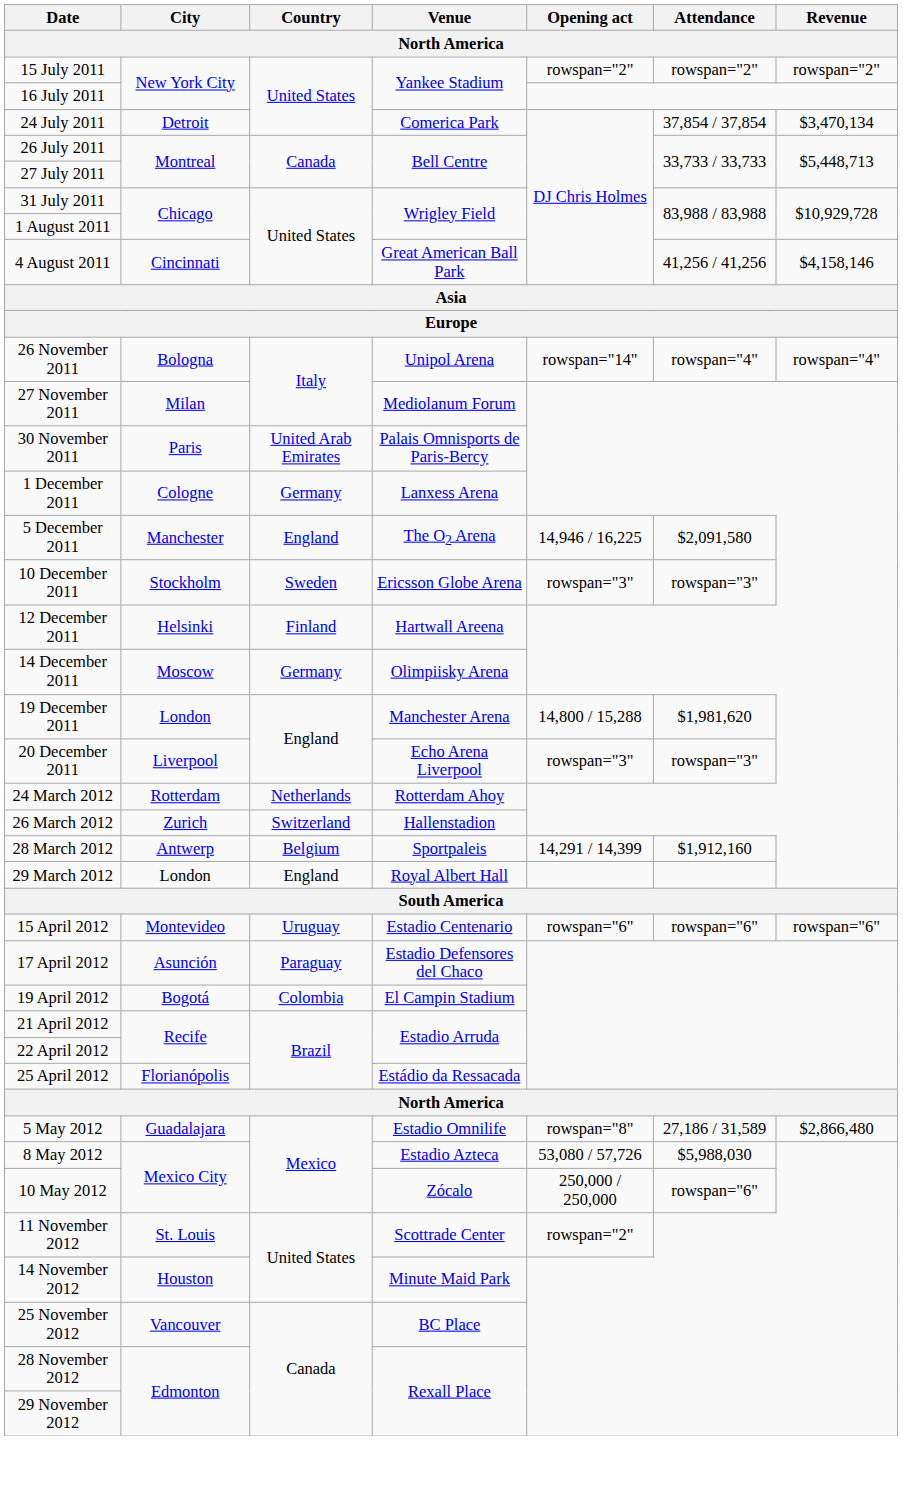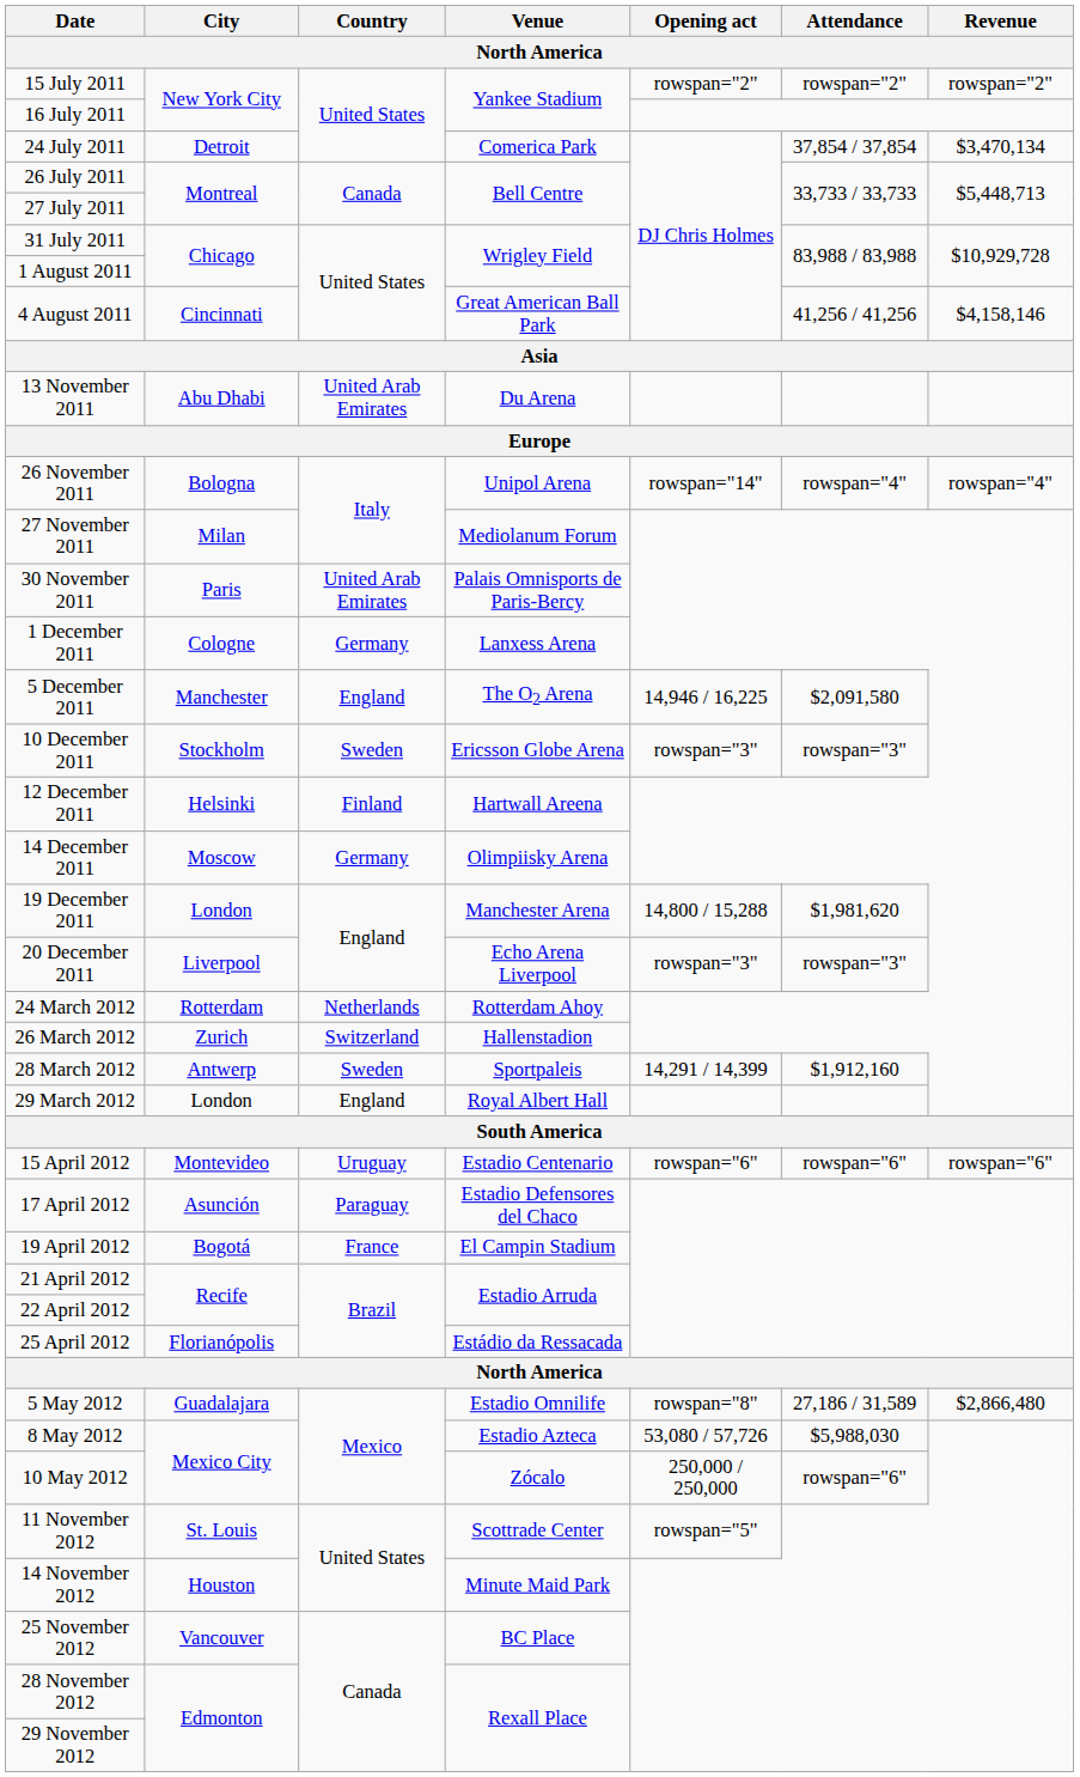 <table class="wikitable" style="text-align:center;">
 <tr>
 <th scope="col" style="width:11em;">Date</th>
 <th scope="col" style="width:11em;">City</th>
 <th scope="col" style="width:11em;">Country</th>
 <th scope="col" style="width:15em;">Venue</th>
 <th scope="col" style="width:10em;">Opening act</th>
 <th scope="col" style="width:10em;">Attendance</th>
 <th scope="col" style="width:10em;">Revenue</th>
 </tr>
 <tr>
 <th colspan="7">North America</th>
 </tr>
 <tr>
 <td>15 July 2011</td>
 <td rowspan="2"><a href='#'>New York City</a></td>
 <td rowspan="3"><a href='#'>United States</a></td>
 <td rowspan="2"><a href='#'>Yankee Stadium</a></td>
 <td>rowspan="2" </td>
 <td>rowspan="2" </td>
 <td>rowspan="2" </td>
 </tr>
 <tr>
 <td>16 July 2011</td>
 </tr>
 <tr>
 <td>24 July 2011</td>
 <td><a href='#'>Detroit</a></td>
 <td><a href='#'>Comerica Park</a></td>
 <td rowspan="6"><a href='#'>DJ Chris Holmes</a></td>
 <td>37,854 / 37,854</td>
 <td>$3,470,134</td>
 </tr>
 <tr>
 <td>26 July 2011</td>
 <td rowspan="2"><a href='#'>Montreal</a></td>
 <td rowspan="2"><a href='#'>Canada</a></td>
 <td rowspan="2"><a href='#'>Bell Centre</a></td>
 <td rowspan="2">33,733 / 33,733</td>
 <td rowspan="2">$5,448,713</td>
 </tr>
 <tr>
 <td>27 July 2011</td>
 </tr>
 <tr>
 <td>31 July 2011</td>
 <td rowspan="2"><a href='#'>Chicago</a></td>
 <td rowspan="3">United States</td>
 <td rowspan="2"><a href='#'>Wrigley Field</a></td>
 <td rowspan="2">83,988 / 83,988</td>
 <td rowspan="2">$10,929,728</td>
 </tr>
 <tr>
 <td>1 August 2011</td>
 </tr>
 <tr>
 <td>4 August 2011</td>
 <td><a href='#'>Cincinnati</a></td>
 <td><a href='#'>Great American Ball Park</a></td>
 <td>41,256 / 41,256</td>
 <td>$4,158,146</td>
 </tr>
 <tr>
 <th colspan="7">Asia</th>
+</tr>
+<tr>
+<td>13 November 2011</td>
+<td><a href='#'>Abu Dhabi</a></td>
+<td><a href='#'>United Arab Emirates</a></td>
+<td><a href='#'>Du Arena</a></td>
+<td></td>
+<td></td>
+<td></td>
 </tr>
 <tr>
 <th colspan="7">Europe</th>
 </tr>
 <tr>
 <td>26 November 2011</td>
 <td><a href='#'>Bologna</a></td>
 <td rowspan="2"><a href='#'>Italy</a></td>
 <td><a href='#'>Unipol Arena</a></td>
 <td>rowspan="14" </td>
 <td>rowspan="4" </td>
 <td>rowspan="4" </td>
 </tr>
 <tr>
 <td>27 November 2011</td>
 <td><a href='#'>Milan</a></td>
 <td><a href='#'>Mediolanum Forum</a></td>
 </tr>
 <tr>
 <td>30 November 2011</td>
 <td><a href='#'>Paris</a></td>
 <td><a href='#'>United Arab Emirates</a></td>
 <td><a href='#'>Palais Omnisports de Paris-Bercy</a></td>
 </tr>
 <tr>
 <td>1 December 2011</td>
 <td><a href='#'>Cologne</a></td>
 <td><a href='#'>Germany</a></td>
 <td><a href='#'>Lanxess Arena</a></td>
 </tr>
 <tr>
 <td>5 December 2011</td>
 <td><a href='#'>Manchester</a></td>
 <td><a href='#'>England</a></td>
 <td><a href='#'>The O<sub>2</sub> Arena</a></td>
 <td>14,946 / 16,225</td>
 <td>$2,091,580</td>
 </tr>
 <tr>
 <td>10 December 2011</td>
 <td><a href='#'>Stockholm</a></td>
 <td><a href='#'>Sweden</a></td>
 <td><a href='#'>Ericsson Globe Arena</a></td>
 <td>rowspan="3" </td>
 <td>rowspan="3" </td>
 </tr>
 <tr>
 <td>12 December 2011</td>
 <td><a href='#'>Helsinki</a></td>
 <td><a href='#'>Finland</a></td>
 <td><a href='#'>Hartwall Areena</a></td>
 </tr>
 <tr>
 <td>14 December 2011</td>
 <td><a href='#'>Moscow</a></td>
 <td><a href='#'>Germany</a></td>
 <td><a href='#'>Olimpiisky Arena</a></td>
 </tr>
 <tr>
 <td>19 December 2011</td>
 <td><a href='#'>London</a></td>
 <td rowspan="2">England</td>
 <td><a href='#'>Manchester Arena</a></td>
 <td>14,800 / 15,288</td>
 <td>$1,981,620</td>
 </tr>
 <tr>
 <td>20 December 2011</td>
 <td><a href='#'>Liverpool</a></td>
 <td><a href='#'>Echo Arena Liverpool</a></td>
 <td>rowspan="3" </td>
 <td>rowspan="3" </td>
 </tr>
 <tr>
 <td>24 March 2012</td>
 <td><a href='#'>Rotterdam</a></td>
 <td><a href='#'>Netherlands</a></td>
 <td><a href='#'>Rotterdam Ahoy</a></td>
 </tr>
 <tr>
 <td>26 March 2012</td>
 <td><a href='#'>Zurich</a></td>
 <td><a href='#'>Switzerland</a></td>
 <td><a href='#'>Hallenstadion</a></td>
 </tr>
 <tr>
 <td>28 March 2012</td>
 <td><a href='#'>Antwerp</a></td>
-<td><a href='#'>Belgium</a></td>
+<td><a href='#'>Sweden</a></td>
 <td><a href='#'>Sportpaleis</a></td>
 <td>14,291 / 14,399</td>
 <td>$1,912,160</td>
 </tr>
 <tr>
 <td>29 March 2012</td>
 <td>London</td>
 <td>England</td>
 <td><a href='#'>Royal Albert Hall</a></td>
 <td></td>
 <td></td>
 </tr>
 <tr>
 <th colspan="7">South America</th>
 </tr>
 <tr>
 <td>15 April 2012</td>
 <td><a href='#'>Montevideo</a></td>
 <td><a href='#'>Uruguay</a></td>
 <td><a href='#'>Estadio Centenario</a></td>
 <td>rowspan="6" </td>
 <td>rowspan="6" </td>
 <td>rowspan="6" </td>
 </tr>
 <tr>
 <td>17 April 2012</td>
 <td><a href='#'>Asunción</a></td>
 <td><a href='#'>Paraguay</a></td>
 <td><a href='#'>Estadio Defensores del Chaco</a></td>
 </tr>
 <tr>
 <td>19 April 2012</td>
 <td><a href='#'>Bogotá</a></td>
-<td><a href='#'>Colombia</a></td>
+<td><a href='#'>France</a></td>
 <td><a href='#'>El Campin Stadium</a></td>
 </tr>
 <tr>
 <td>21 April 2012</td>
 <td rowspan="2"><a href='#'>Recife</a></td>
 <td rowspan="3"><a href='#'>Brazil</a></td>
 <td rowspan="2"><a href='#'>Estadio Arruda</a></td>
 </tr>
 <tr>
 <td>22 April 2012</td>
 </tr>
 <tr>
 <td>25 April 2012</td>
 <td><a href='#'>Florianópolis</a></td>
 <td><a href='#'>Estádio da Ressacada</a></td>
 </tr>
 <tr>
 <th colspan="7">North America</th>
 </tr>
 <tr>
 <td>5 May 2012</td>
 <td><a href='#'>Guadalajara</a></td>
 <td rowspan="3"><a href='#'>Mexico</a></td>
 <td><a href='#'>Estadio Omnilife</a></td>
 <td>rowspan="8" </td>
 <td>27,186 / 31,589</td>
 <td>$2,866,480</td>
 </tr>
 <tr>
 <td>8 May 2012</td>
 <td rowspan="2"><a href='#'>Mexico City</a></td>
 <td><a href='#'>Estadio Azteca</a></td>
 <td>53,080 / 57,726</td>
 <td>$5,988,030</td>
 </tr>
 <tr>
 <td>10 May 2012</td>
 <td><a href='#'>Zócalo</a></td>
 <td>250,000 / 250,000</td>
 <td>rowspan="6" </td>
 </tr>
 <tr>
 <td>11 November 2012</td>
 <td><a href='#'>St. Louis</a></td>
 <td rowspan="2">United States</td>
 <td><a href='#'>Scottrade Center</a></td>
-<td>rowspan="2" </td>
+<td>rowspan="5" </td>
 </tr>
 <tr>
 <td>14 November 2012</td>
 <td><a href='#'>Houston</a></td>
 <td><a href='#'>Minute Maid Park</a></td>
 </tr>
 <tr>
 <td>25 November 2012</td>
 <td><a href='#'>Vancouver</a></td>
 <td rowspan="3">Canada</td>
 <td><a href='#'>BC Place</a></td>
 </tr>
 <tr>
 <td>28 November 2012</td>
 <td rowspan="2"><a href='#'>Edmonton</a></td>
 <td rowspan="2"><a href='#'>Rexall Place</a></td>
 </tr>
 <tr>
 <td>29 November 2012</td>
 </tr>
 <tr>
 </tr>
 </table>
